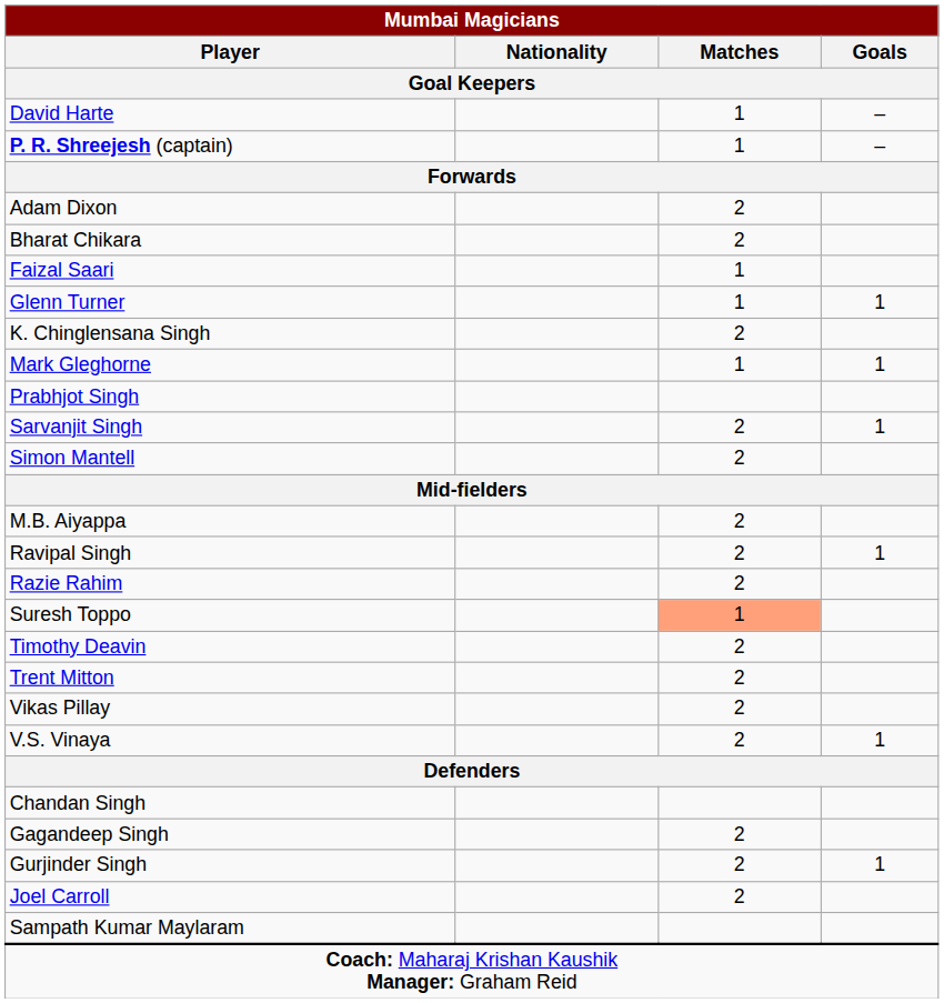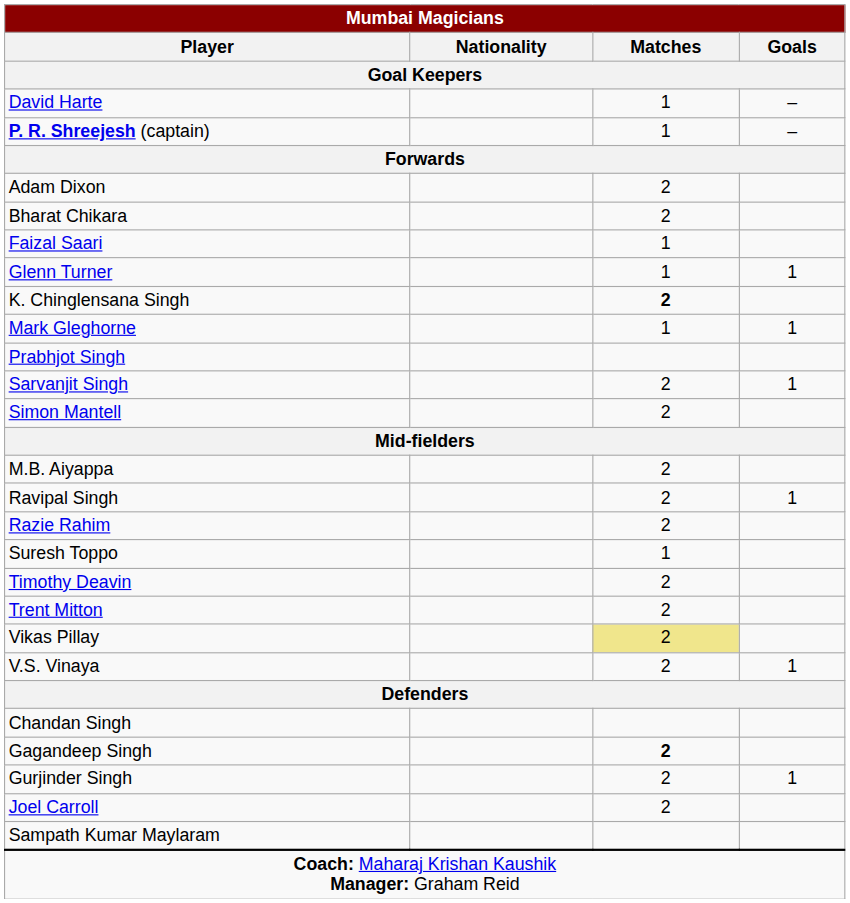 <table class="wikitable" style="width:60%;text-align:center;">
 <tr>
 <th colspan="4" style="background: #8B0000; color:white">Mumbai Magicians</th>
 </tr>
 <tr>
 <th>Player</th>
 <th>Nationality</th>
 <th>Matches</th>
 <th>Goals</th>
 </tr>
 <tr>
 <th colspan="4">Goal Keepers</th>
 </tr>
 <tr>
 <td style="text-align:left"><a href='#'>David Harte</a></td>
 <td style="text-align:left"></td>
 <td>1</td>
 <td>–</td>
 </tr>
 <tr>
 <td style="text-align:left"><strong><a href='#'>P. R. Shreejesh</a></strong> (captain)</td>
 <td style="text-align:left"><strong></strong></td>
 <td>1</td>
 <td>–</td>
 </tr>
 <tr>
 <th colspan="4">Forwards</th>
 </tr>
 <tr>
 <td style="text-align:left">Adam Dixon</td>
 <td style="text-align:left"></td>
 <td>2</td>
 <td></td>
 </tr>
 <tr>
 <td style="text-align:left">Bharat Chikara</td>
 <td style="text-align:left"></td>
 <td>2</td>
 <td></td>
 </tr>
 <tr>
 <td style="text-align:left"><a href='#'>Faizal Saari</a></td>
 <td style="text-align:left"></td>
 <td>1</td>
 <td></td>
 </tr>
 <tr>
 <td style="text-align:left"><a href='#'>Glenn Turner</a></td>
 <td style="text-align:left"></td>
 <td>1</td>
 <td>1</td>
 </tr>
 <tr>
 <td style="text-align:left">K. Chinglensana Singh</td>
 <td style="text-align:left"></td>
-<td>2</td>
+<td><strong>2</strong></td>
 <td></td>
 </tr>
 <tr>
 <td style="text-align:left"><a href='#'>Mark Gleghorne</a></td>
 <td style="text-align:left"></td>
 <td>1</td>
 <td>1</td>
 </tr>
 <tr>
 <td style="text-align:left"><a href='#'>Prabhjot Singh</a></td>
 <td style="text-align:left"></td>
 <td></td>
 <td></td>
 </tr>
 <tr>
 <td style="text-align:left"><a href='#'>Sarvanjit Singh</a></td>
 <td style="text-align:left"></td>
 <td>2</td>
 <td>1</td>
 </tr>
 <tr>
 <td style="text-align:left"><a href='#'>Simon Mantell</a></td>
 <td style="text-align:left"></td>
 <td>2</td>
 <td></td>
 </tr>
 <tr>
 <th colspan="4">Mid-fielders</th>
 </tr>
 <tr>
 <td style="text-align:left">M.B. Aiyappa</td>
 <td style="text-align:left"></td>
 <td>2</td>
 <td></td>
 </tr>
 <tr>
 <td style="text-align:left">Ravipal Singh</td>
 <td style="text-align:left"></td>
 <td>2</td>
 <td>1</td>
 </tr>
 <tr>
 <td style="text-align:left"><a href='#'>Razie Rahim</a></td>
 <td style="text-align:left"></td>
 <td>2</td>
 <td></td>
 </tr>
 <tr>
 <td style="text-align:left">Suresh Toppo</td>
 <td style="text-align:left"></td>
-<td style="background: lightsalmon;">1</td>
+<td>1</td>
 <td></td>
 </tr>
 <tr>
 <td style="text-align:left"><a href='#'>Timothy Deavin</a></td>
 <td style="text-align:left"></td>
 <td>2</td>
 <td></td>
 </tr>
 <tr>
 <td style="text-align:left"><a href='#'>Trent Mitton</a></td>
 <td style="text-align:left"></td>
 <td>2</td>
 <td></td>
 </tr>
 <tr>
 <td style="text-align:left">Vikas Pillay</td>
 <td style="text-align:left"></td>
-<td>2</td>
+<td style="background: khaki;">2</td>
 <td></td>
 </tr>
 <tr>
 <td style="text-align:left">V.S. Vinaya</td>
 <td style="text-align:left"></td>
 <td>2</td>
 <td>1</td>
 </tr>
 <tr>
 <th colspan="4">Defenders</th>
 </tr>
 <tr>
 <td style="text-align:left">Chandan Singh</td>
 <td style="text-align:left"></td>
 <td></td>
 <td></td>
 </tr>
 <tr>
 <td style="text-align:left">Gagandeep Singh</td>
 <td style="text-align:left"></td>
-<td>2</td>
+<td><strong>2</strong></td>
 <td></td>
 </tr>
 <tr>
 <td style="text-align:left">Gurjinder Singh</td>
 <td style="text-align:left"></td>
 <td>2</td>
 <td>1</td>
 </tr>
 <tr>
 <td style="text-align:left"><a href='#'>Joel Carroll</a></td>
 <td style="text-align:left"></td>
 <td>2</td>
 <td></td>
 </tr>
 <tr>
 <td style="text-align:left">Sampath Kumar Maylaram</td>
 <td style="text-align:left"></td>
 <td></td>
 <td></td>
 </tr>
 <tr style="border-top:2px solid black;">
 <td colspan="7"><strong>Coach:</strong> <a href='#'>Maharaj Krishan Kaushik</a> <br> <strong>Manager:</strong> Graham Reid</td>
 </tr>
 </table>
